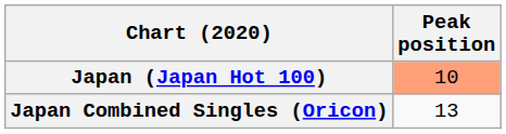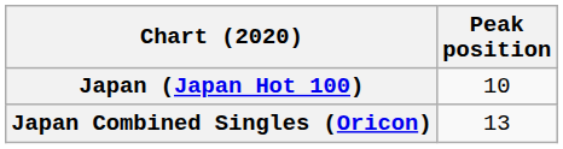 <table class="wikitable sortable plainrowheaders" style="text-align:center">
 <tr>
 <th scope="col">Chart (2020)</th>
 <th scope="col">Peak<br>position</th>
 </tr>
 <tr>
 <th scope="row">Japan (<a href='#'>Japan Hot 100</a>)</th>
-<td style="background: lightsalmon;">10</td>
+<td>10</td>
 </tr>
 <tr>
 <th scope="row">Japan Combined Singles (<a href='#'>Oricon</a>)</th>
 <td>13</td>
 </tr>
 </table>
